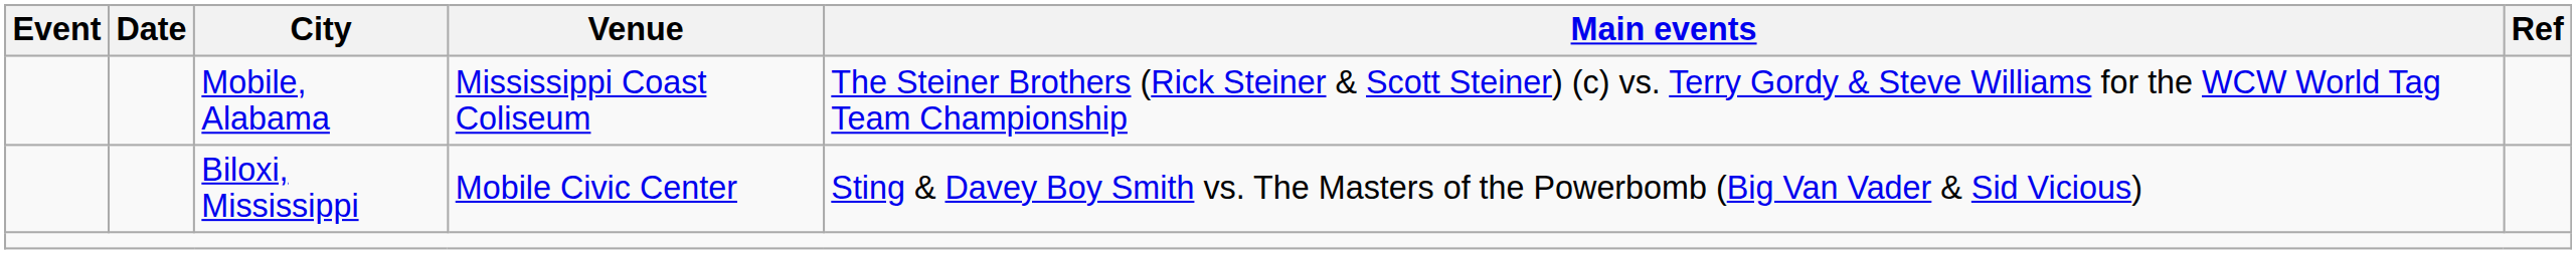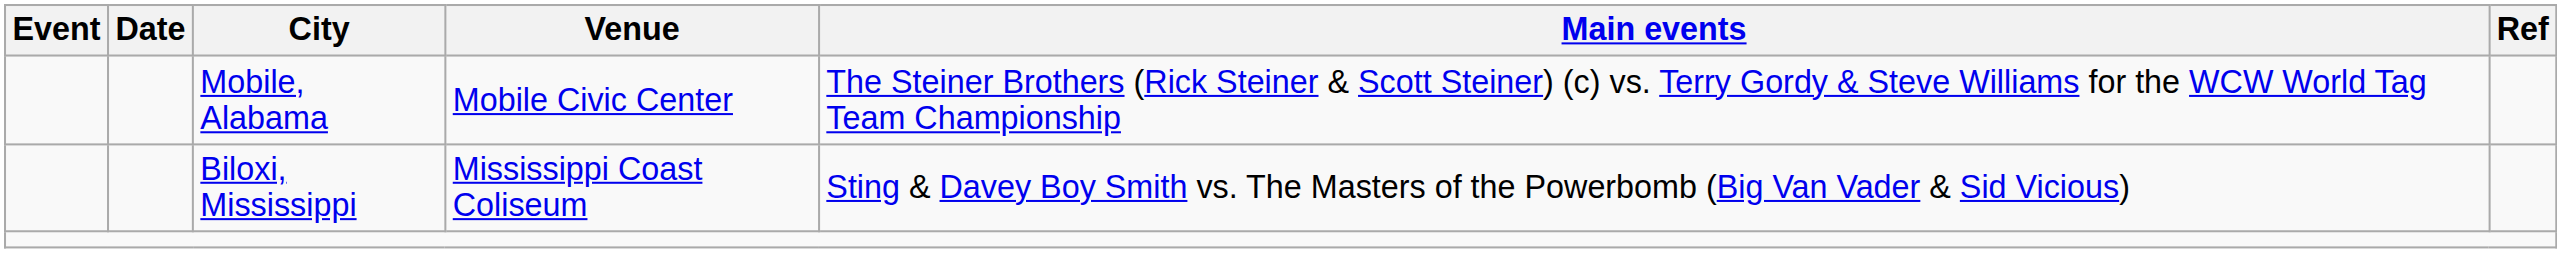 <table class="wikitable sortable" style="align: center" width=100%>
 <tr>
 <th>Event</th>
 <th>Date</th>
 <th>City</th>
 <th>Venue</th>
 <th class="unsortable"><a href='#'>Main events</a></th>
 <th class="unsortable">Ref</th>
 </tr>
 <tr>
 <td></td>
 <td></td>
 <td><a href='#'>Mobile, Alabama</a></td>
-<td><a href='#'>Mississippi Coast Coliseum</a></td>
+<td><a href='#'>Mobile Civic Center</a></td>
 <td><a href='#'>The Steiner Brothers</a> (<a href='#'>Rick Steiner</a> & <a href='#'>Scott Steiner</a>) (c) vs. <a href='#'>Terry Gordy & Steve Williams</a> for the <a href='#'>WCW World Tag Team Championship</a></td>
 <td></td>
 </tr>
 <tr>
 <td></td>
 <td></td>
 <td><a href='#'>Biloxi, Mississippi</a></td>
-<td><a href='#'>Mobile Civic Center</a></td>
+<td><a href='#'>Mississippi Coast Coliseum</a></td>
 <td><a href='#'>Sting</a> & <a href='#'>Davey Boy Smith</a> vs. The Masters of the Powerbomb (<a href='#'>Big Van Vader</a> & <a href='#'>Sid Vicious</a>)</td>
 <td></td>
 </tr>
 <tr>
 <td colspan="10"></td>
 </tr>
 </table>
